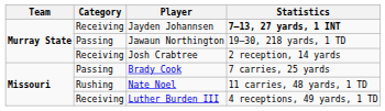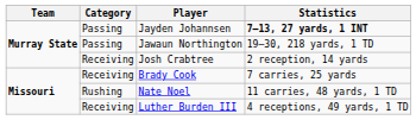 <table class="wikitable" style="float: right;">
 <tr>
 <th>Team</th>
 <th>Category</th>
 <th>Player</th>
 <th>Statistics</th>
 </tr>
 <tr>
 <td rowspan=3><strong>Murray State</strong></td>
-<td>Receiving</td>
+<td>Passing</td>
 <td>Jayden Johannsen</td>
 <td><strong>7–13, 27 yards, 1 INT</strong></td>
 </tr>
 <tr>
 <td>Passing</td>
 <td>Jawaun Northington</td>
 <td>19–30, 218 yards, 1 TD</td>
 </tr>
 <tr>
 <td>Receiving</td>
 <td>Josh Crabtree</td>
 <td>2 reception, 14 yards</td>
 </tr>
 <tr>
 <td rowspan=3><strong>Missouri</strong></td>
-<td>Passing</td>
+<td>Receiving</td>
 <td><a href='#'>Brady Cook</a></td>
 <td>7 carries, 25 yards</td>
 </tr>
 <tr>
 <td>Rushing</td>
 <td><a href='#'>Nate Noel</a></td>
 <td>11 carries, 48 yards, 1 TD</td>
 </tr>
 <tr>
 <td>Receiving</td>
 <td><a href='#'>Luther Burden III</a></td>
 <td>4 receptions, 49 yards, 1 TD</td>
 </tr>
 </table>
